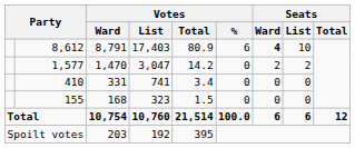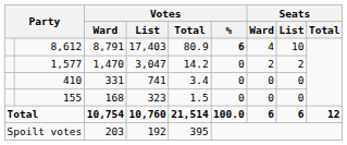 <table class=wikitable style="text-align:right">
 <tr>
 <th rowspan="2" colspan="2">Party</th>
 <th colspan="4" align="center">Votes</th>
 <th colspan="3" align="center">Seats</th>
 </tr>
 <tr>
 <th>Ward</th>
 <th>List</th>
 <th>Total</th>
 <th>%</th>
 <th>Ward</th>
 <th>List</th>
 <th>Total</th>
 </tr>
 <tr>
 <td></td>
 <td>8,612</td>
 <td>8,791</td>
 <td>17,403</td>
 <td>80.9</td>
-<td>6</td>
-<td><strong>4</strong></td>
+<td><strong>6</strong></td>
+<td>4</td>
 <td>10</td>
 </tr>
 <tr>
 <td></td>
 <td>1,577</td>
 <td>1,470</td>
 <td>3,047</td>
 <td>14.2</td>
 <td>0</td>
 <td>2</td>
 <td>2</td>
 </tr>
 <tr>
 <td></td>
 <td>410</td>
 <td>331</td>
 <td>741</td>
 <td>3.4</td>
 <td>0</td>
 <td>0</td>
 <td>0</td>
 </tr>
 <tr>
 <td></td>
 <td>155</td>
 <td>168</td>
 <td>323</td>
 <td>1.5</td>
 <td>0</td>
 <td>0</td>
 <td>0</td>
 </tr>
 <tr>
 <td colspan="2" style="text-align:left"><strong>Total</strong></td>
 <td><strong>10,754</strong></td>
 <td><strong>10,760</strong></td>
 <td><strong>21,514</strong></td>
 <td><strong>100.0</strong></td>
 <td><strong>6</strong></td>
 <td><strong>6</strong></td>
 <td><strong>12</strong></td>
 </tr>
 <tr>
 <td colspan="2" style="text-align:left">Spoilt votes</td>
 <td>203</td>
 <td>192</td>
 <td>395</td>
 </tr>
 </table>
